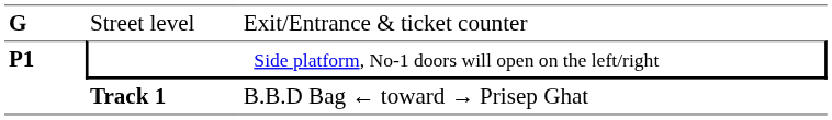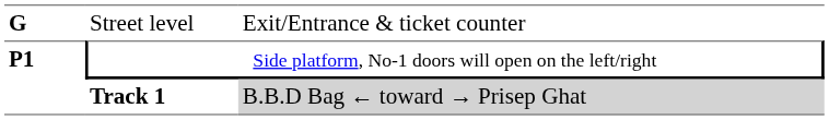 <table table border=0 cellspacing=0 cellpadding=3>
 <tr>
 <td style="border-top:solid 1px gray;" width=50 valign=top><strong>G</strong></td>
 <td style="border-top:solid 1px gray;" width=100 valign=top>Street level</td>
 <td style="border-top:solid 1px gray;" width=400 valign=top>Exit/Entrance & ticket counter</td>
 </tr>
 <tr>
 <td style="border-top:solid 1px gray;border-bottom:solid 1px gray;" width=50 rowspan=6 valign=top><strong>P1</strong></td>
 <td style="border-top:solid 1px gray;border-right:solid 2px black;border-left:solid 2px black;border-bottom:solid 2px black;text-align:center;" colspan=2><small><a href='#'>Side platform</a>, No-1 doors will open on the left/right</small></td>
 </tr>
 <tr>
 <td style="border-bottom:solid 1px gray;" width=100><strong>Track 1</strong></td>
-<td style="border-bottom:solid 1px gray;" width=400>B.B.D Bag ← toward → Prisep Ghat</td>
+<td style="background: lightgrey; border-bottom:solid 1px gray;" width=400>B.B.D Bag ← toward → Prisep Ghat</td>
 </tr>
 <tr>
 </tr>
 </table>
